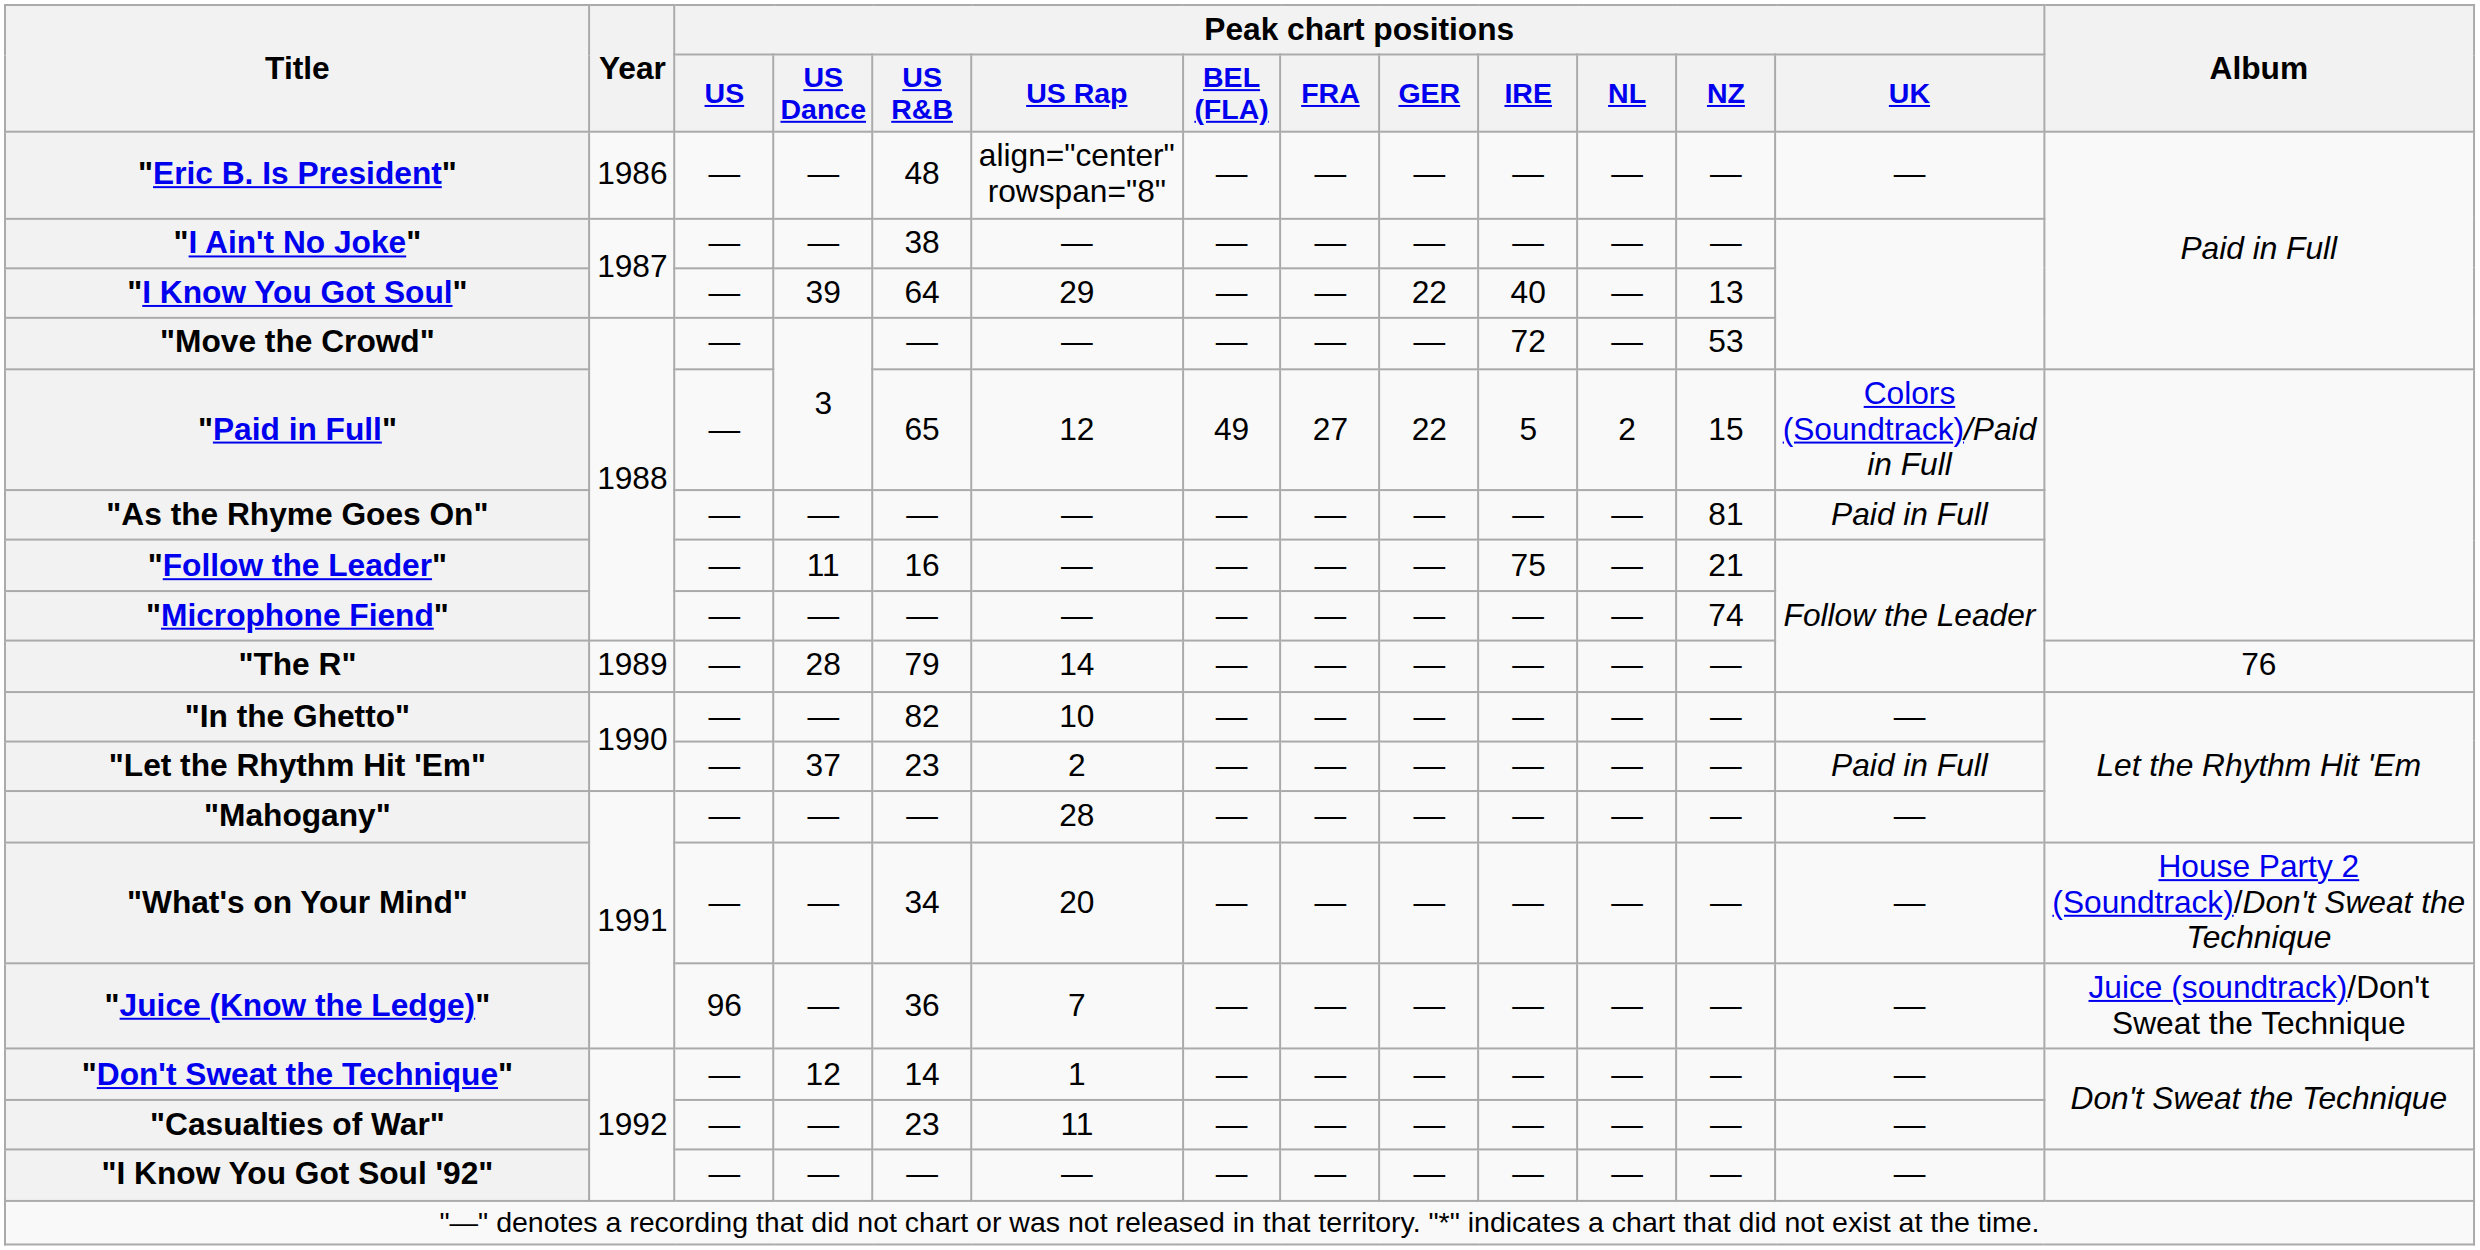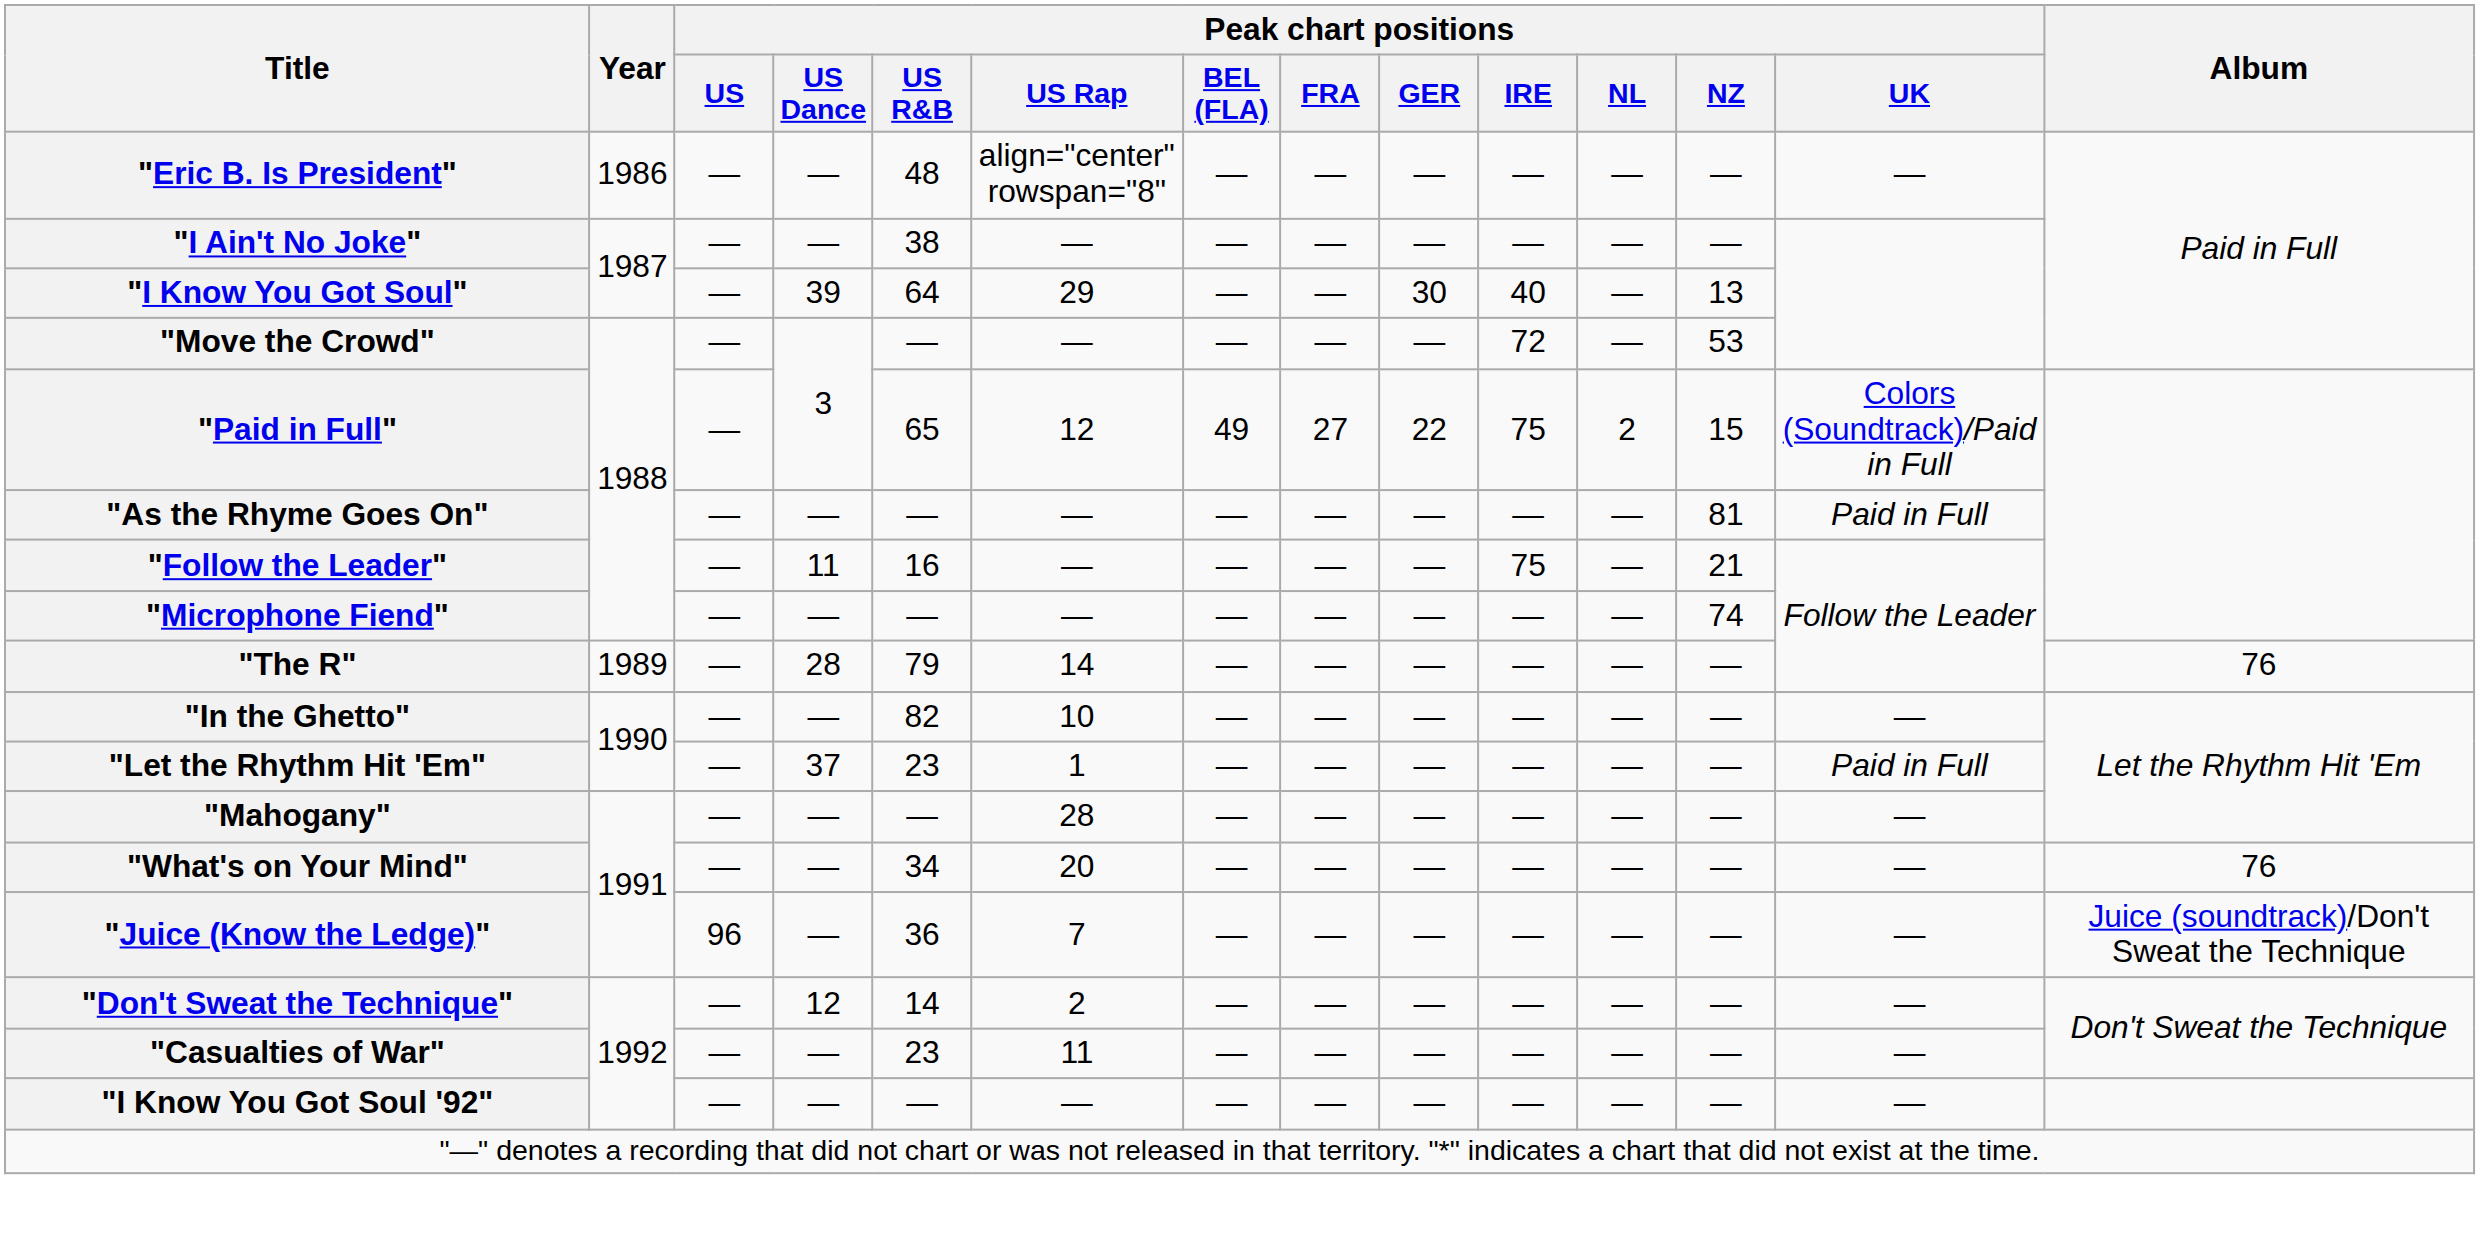 <table class="wikitable plainrowheaders" style="text-align:center;" border="1">
 <tr>
 <th scope="col" rowspan="2" style="width:18em;">Title</th>
 <th scope="col" rowspan="2">Year</th>
 <th scope="col" colspan="11">Peak chart positions</th>
 <th scope="col" rowspan="2">Album</th>
 </tr>
 <tr>
 <th scope="col" style="width:3em;font-size:90%;"><a href='#'>US</a><br></th>
 <th scope="col" style="width:3em;font-size:90%;"><a href='#'>US Dance</a><br></th>
 <th scope="col" style="width:3em;font-size:90%;"><a href='#'>US R&B</a><br></th>
 <th scope="col" style="width:3em;font-size:90%;"><a href='#'>US Rap</a><br></th>
 <th scope="col" style="width:3em;font-size:90%;"><a href='#'>BEL<br>(FLA)</a></th>
 <th scope="col" style="width:3em;font-size:90%;"><a href='#'>FRA</a></th>
 <th scope="col" style="width:3em;font-size:90%;"><a href='#'>GER</a></th>
 <th scope="col" style="width:3em;font-size:90%;"><a href='#'>IRE</a></th>
 <th scope="col" style="width:3em;font-size:90%;"><a href='#'>NL</a><br></th>
 <th scope="col" style="width:3em;font-size:90%;"><a href='#'>NZ</a><br></th>
 <th scope="col" style="width:3em;font-size:90%;"><a href='#'>UK</a><br></th>
 </tr>
 <tr>
 <th scope="row">"<a href='#'>Eric B. Is President</a>"</th>
 <td>1986</td>
 <td>—</td>
 <td>—</td>
 <td>48</td>
 <td>align="center" rowspan="8" </td>
 <td>—</td>
 <td>—</td>
 <td>—</td>
 <td>—</td>
 <td>—</td>
 <td>—</td>
 <td>—</td>
 <td rowspan="4"><em>Paid in Full</em></td>
 </tr>
 <tr>
 <th scope="row">"<a href='#'>I Ain't No Joke</a>"</th>
 <td rowspan="2">1987</td>
 <td>—</td>
 <td>—</td>
 <td>38</td>
 <td>—</td>
 <td>—</td>
 <td>—</td>
 <td>—</td>
 <td>—</td>
 <td>—</td>
 <td>—</td>
 </tr>
 <tr>
 <th scope="row">"<a href='#'>I Know You Got Soul</a>"</th>
 <td>—</td>
 <td>39</td>
 <td>64</td>
 <td>29</td>
 <td>—</td>
 <td>—</td>
-<td>22</td>
+<td>30</td>
 <td>40</td>
 <td>—</td>
 <td>13</td>
 </tr>
 <tr>
 <th scope="row">"Move the Crowd"</th>
 <td rowspan="5">1988</td>
 <td>—</td>
 <td rowspan="2">3</td>
 <td>—</td>
 <td>—</td>
 <td>—</td>
 <td>—</td>
 <td>—</td>
 <td>72</td>
 <td>—</td>
 <td>53</td>
 </tr>
 <tr>
 <th scope="row">"<a href='#'>Paid in Full</a>"</th>
 <td>—</td>
 <td>65</td>
 <td>12</td>
 <td>49</td>
 <td>27</td>
 <td>22</td>
-<td>5</td>
+<td>75</td>
 <td>2</td>
 <td>15</td>
 <td><a href='#'>Colors (Soundtrack)</a><em>/Paid in Full</em></td>
 </tr>
 <tr>
 <th scope="row">"As the Rhyme Goes On"</th>
 <td>—</td>
 <td>—</td>
 <td>—</td>
 <td>—</td>
 <td>—</td>
 <td>—</td>
 <td>—</td>
 <td>—</td>
 <td>—</td>
 <td>81</td>
 <td><em>Paid in Full</em></td>
 </tr>
 <tr>
 <th scope="row">"<a href='#'>Follow the Leader</a>"</th>
 <td>—</td>
 <td>11</td>
 <td>16</td>
 <td>—</td>
 <td>—</td>
 <td>—</td>
 <td>—</td>
 <td>75</td>
 <td>—</td>
 <td>21</td>
 <td rowspan="3"><em>Follow the Leader</em></td>
 </tr>
 <tr>
 <th scope="row">"<a href='#'>Microphone Fiend</a>"</th>
 <td>—</td>
 <td>—</td>
 <td>—</td>
 <td>—</td>
 <td>—</td>
 <td>—</td>
 <td>—</td>
 <td>—</td>
 <td>—</td>
 <td>74</td>
 </tr>
 <tr>
 <th scope="row">"The R"</th>
 <td>1989</td>
 <td>—</td>
 <td>28</td>
 <td>79</td>
 <td>14</td>
 <td>—</td>
 <td>—</td>
 <td>—</td>
 <td>—</td>
 <td>—</td>
 <td>—</td>
 <td>76</td>
 </tr>
 <tr>
 <th scope="row">"In the Ghetto"</th>
 <td rowspan="2">1990</td>
 <td>—</td>
 <td>—</td>
 <td>82</td>
 <td>10</td>
 <td>—</td>
 <td>—</td>
 <td>—</td>
 <td>—</td>
 <td>—</td>
 <td>—</td>
 <td>—</td>
 <td rowspan="3"><em>Let the Rhythm Hit 'Em</em></td>
 </tr>
 <tr>
 <th scope="row">"Let the Rhythm Hit 'Em"</th>
 <td>—</td>
 <td>37</td>
 <td>23</td>
-<td>2</td>
+<td>1</td>
 <td>—</td>
 <td>—</td>
 <td>—</td>
 <td>—</td>
 <td>—</td>
 <td>—</td>
 <td><em>Paid in Full</em></td>
 </tr>
 <tr>
 <th scope="row">"Mahogany"</th>
 <td rowspan="3">1991</td>
 <td>—</td>
 <td>—</td>
 <td>—</td>
 <td>28</td>
 <td>—</td>
 <td>—</td>
 <td>—</td>
 <td>—</td>
 <td>—</td>
 <td>—</td>
 <td>—</td>
 </tr>
 <tr>
 <th scope="row">"What's on Your Mind"</th>
 <td>—</td>
 <td>—</td>
 <td>34</td>
 <td>20</td>
 <td>—</td>
 <td>—</td>
 <td>—</td>
 <td>—</td>
 <td>—</td>
 <td>—</td>
 <td>—</td>
-<td><a href='#'>House Party 2 (Soundtrack)</a>/<em>Don't Sweat the Technique</em></td>
+<td>76</td>
 </tr>
 <tr>
 <th scope="row">"<a href='#'>Juice (Know the Ledge)</a>"</th>
 <td>96</td>
 <td>—</td>
 <td>36</td>
 <td>7</td>
 <td>—</td>
 <td>—</td>
 <td>—</td>
 <td>—</td>
 <td>—</td>
 <td>—</td>
 <td>—</td>
 <td><a href='#'>Juice (soundtrack)</a>/Don't Sweat the Technique</td>
 </tr>
 <tr>
 <th scope="row">"<a href='#'>Don't Sweat the Technique</a>"</th>
 <td rowspan="3">1992</td>
 <td>—</td>
 <td>12</td>
 <td>14</td>
-<td>1</td>
+<td>2</td>
 <td>—</td>
 <td>—</td>
 <td>—</td>
 <td>—</td>
 <td>—</td>
 <td>—</td>
 <td>—</td>
 <td rowspan="2"><em>Don't Sweat the Technique</em></td>
 </tr>
 <tr>
 <th scope="row">"Casualties of War"</th>
 <td>—</td>
 <td>—</td>
 <td>23</td>
 <td>11</td>
 <td>—</td>
 <td>—</td>
 <td>—</td>
 <td>—</td>
 <td>—</td>
 <td>—</td>
 <td>—</td>
 </tr>
 <tr>
 <th scope="row">"I Know You Got Soul '92"</th>
 <td>—</td>
 <td>—</td>
 <td>—</td>
 <td>—</td>
 <td>—</td>
 <td>—</td>
 <td>—</td>
 <td>—</td>
 <td>—</td>
 <td>—</td>
 <td>—</td>
 <td></td>
 </tr>
 <tr>
 <td colspan="14" style="font-size:90%">"—" denotes a recording that did not chart or was not released in that territory. "*" indicates a chart that did not exist at the time.</td>
 </tr>
 </table>
